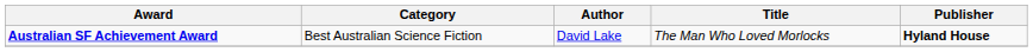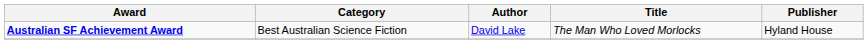 <table class="wikitable" width=100%>
 <tr>
 <th>Award</th>
 <th>Category</th>
 <th>Author</th>
 <th>Title</th>
 <th>Publisher</th>
 </tr>
 <tr>
 <td><strong><a href='#'> Australian SF Achievement Award</a></strong></td>
 <td>Best Australian Science Fiction</td>
 <td><a href='#'>David Lake</a></td>
 <td><em>The Man Who Loved Morlocks</em></td>
-<td><strong>Hyland House</strong></td>
+<td>Hyland House</td>
 </tr>
 <tr>
 </tr>
 </table>
